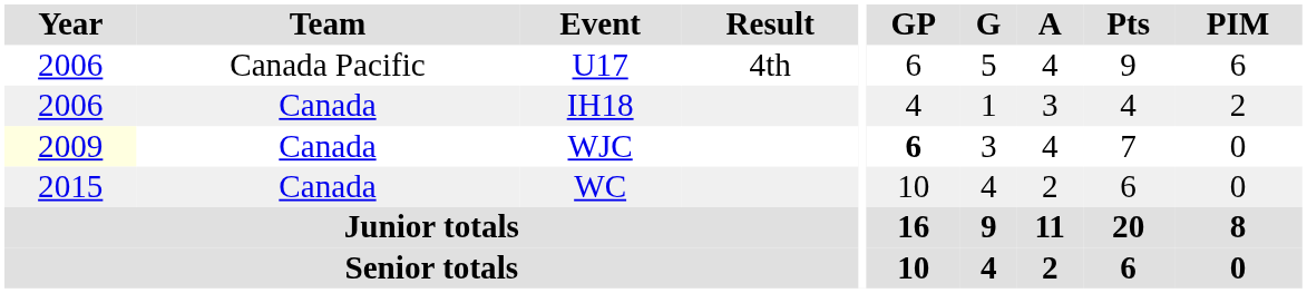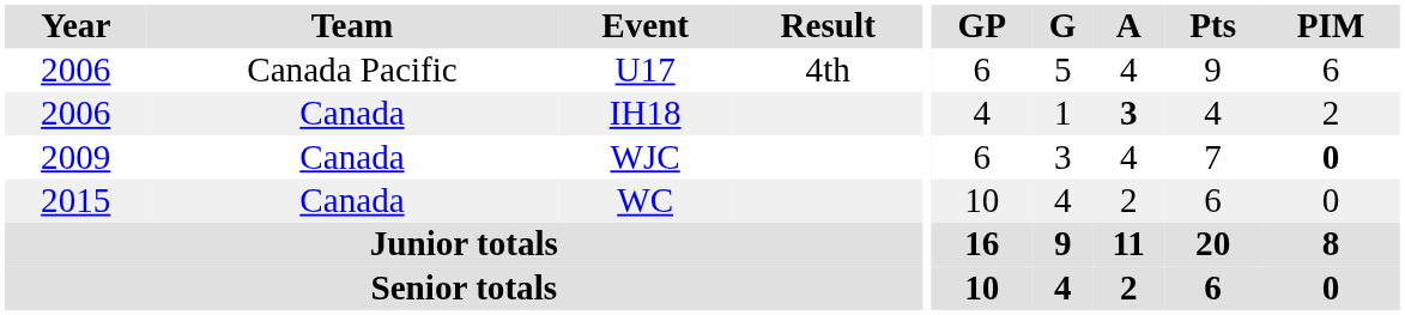 <table border="0" cellpadding="1" cellspacing="0" ID="Table3" style="text-align:center; width:40em">
 <tr ALIGN="centre" bgcolor="#e0e0e0">
 <th>Year</th>
 <th>Team</th>
 <th>Event</th>
 <th>Result</th>
 <th rowspan="99" bgcolor="#ffffff"></th>
 <th>GP</th>
 <th>G</th>
 <th>A</th>
 <th>Pts</th>
 <th>PIM</th>
 </tr>
 <tr>
 <td><a href='#'>2006</a></td>
 <td>Canada Pacific</td>
 <td><a href='#'>U17</a></td>
 <td>4th</td>
 <td>6</td>
 <td>5</td>
 <td>4</td>
 <td>9</td>
 <td>6</td>
 </tr>
 <tr bgcolor="#f0f0f0">
 <td><a href='#'>2006</a></td>
 <td><a href='#'>Canada</a></td>
 <td><a href='#'>IH18</a></td>
 <td></td>
 <td>4</td>
 <td>1</td>
-<td>3</td>
+<td><strong>3</strong></td>
 <td>4</td>
 <td>2</td>
 </tr>
 <tr>
-<td style="background: lightyellow;"><a href='#'>2009</a></td>
+<td><a href='#'>2009</a></td>
 <td><a href='#'>Canada</a></td>
 <td><a href='#'>WJC</a></td>
 <td></td>
-<td><strong>6</strong></td>
+<td>6</td>
 <td>3</td>
 <td>4</td>
 <td>7</td>
-<td>0</td>
+<td><strong>0</strong></td>
 </tr>
 <tr bgcolor="#f0f0f0">
 <td><a href='#'>2015</a></td>
 <td><a href='#'>Canada</a></td>
 <td><a href='#'>WC</a></td>
 <td></td>
 <td>10</td>
 <td>4</td>
 <td>2</td>
 <td>6</td>
 <td>0</td>
 </tr>
 <tr bgcolor="#e0e0e0">
 <th colspan=4>Junior totals</th>
 <th>16</th>
 <th>9</th>
 <th>11</th>
 <th>20</th>
 <th>8</th>
 </tr>
 <tr style="background:#e0e0e0;">
 <th colspan=4>Senior totals</th>
 <th>10</th>
 <th>4</th>
 <th>2</th>
 <th>6</th>
 <th>0</th>
 </tr>
 </table>
